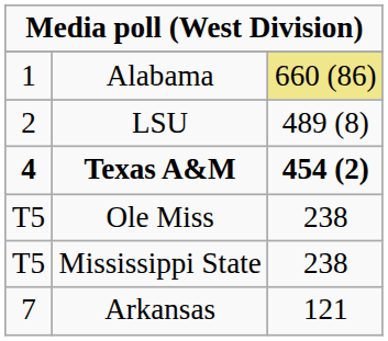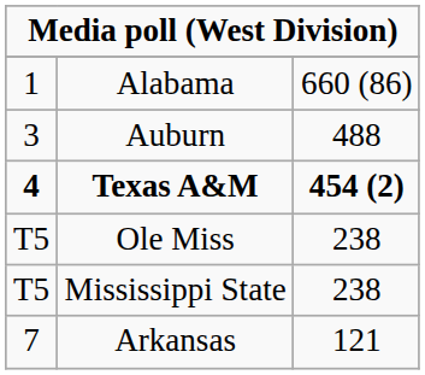 <table class="wikitable" style="display: inline-table;">
 <tr>
 <td align="center" Colspan="3"><strong>Media poll (West Division)</strong></td>
 </tr>
 <tr align="center">
 </tr>
 <tr align="center">
 <td>1</td>
 <td>Alabama</td>
-<td style="background: khaki;">660 (86)</td>
+<td>660 (86)</td>
 </tr>
 <tr align="center">
-<td>2</td>
-<td>LSU</td>
-<td>489 (8)</td>
+<td>3</td>
+<td>Auburn</td>
+<td>488</td>
 </tr>
 <tr align="center">
 <td><strong>4</strong></td>
 <td><strong>Texas A&M</strong></td>
 <td><strong>454 (2)</strong></td>
 </tr>
 <tr align="center">
 <td>T5</td>
 <td>Ole Miss</td>
 <td>238</td>
 </tr>
 <tr align="center">
 <td>T5</td>
 <td>Mississippi State</td>
 <td>238</td>
 </tr>
 <tr align="center">
 <td>7</td>
 <td>Arkansas</td>
 <td>121</td>
 </tr>
 </table>
